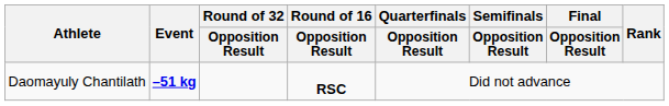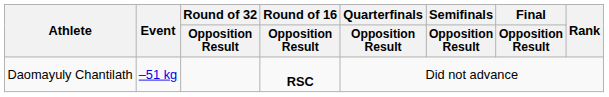 <table class=wikitable style=font-size:90%;text-align:center>
 <tr>
 <th rowspan="2">Athlete</th>
 <th rowspan="2">Event</th>
 <th>Round of 32</th>
 <th>Round of 16</th>
 <th>Quarterfinals</th>
 <th>Semifinals</th>
 <th>Final</th>
 <th rowspan=2>Rank</th>
 </tr>
 <tr style="font-size:95%">
 <th>Opposition<br>Result</th>
 <th>Opposition<br>Result</th>
 <th>Opposition<br>Result</th>
 <th>Opposition<br>Result</th>
 <th>Opposition<br>Result</th>
 </tr>
 <tr>
 <td align=left>Daomayuly Chantilath</td>
-<td align=left><strong><a href='#'>–51 kg</a></strong></td>
+<td align=left><a href='#'>–51 kg</a></td>
 <td></td>
 <td><br><strong>RSC</strong></td>
 <td colspan=4>Did not advance</td>
 </tr>
 </table>
